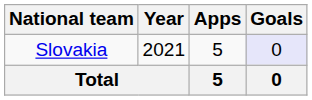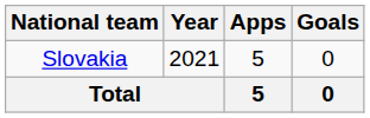 <table class="wikitable" style="text-align:center">
 <tr>
 <th>National team</th>
 <th>Year</th>
 <th>Apps</th>
 <th>Goals</th>
 </tr>
 <tr>
 <td rowspan="1"><a href='#'>Slovakia</a></td>
 <td>2021</td>
 <td>5</td>
-<td style="background: lavender;">0</td>
+<td>0</td>
 </tr>
 <tr>
 <th colspan="2">Total</th>
 <th>5</th>
 <th>0</th>
 </tr>
 </table>
